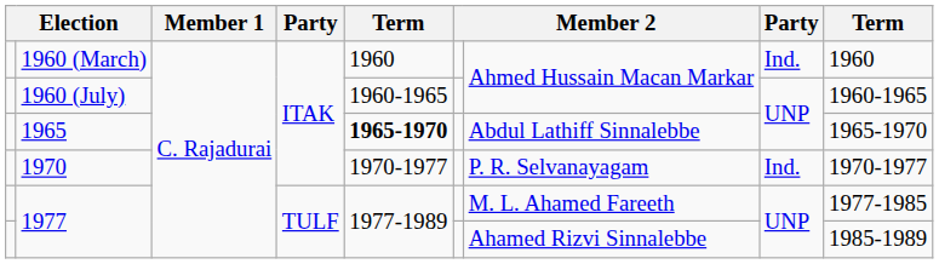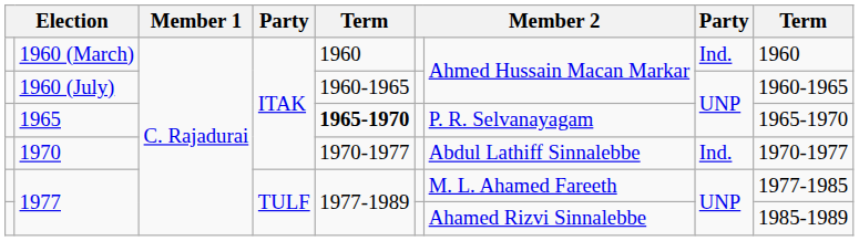 <table class="wikitable">
 <tr>
 <th colspan="2">Election</th>
 <th>Member 1</th>
 <th>Party</th>
 <th>Term</th>
 <th colspan="2">Member 2</th>
 <th>Party</th>
 <th>Term</th>
 </tr>
 <tr>
 <td style="background-color: "></td>
 <td><a href='#'>1960 (March)</a></td>
 <td rowspan=6><a href='#'>C. Rajadurai</a></td>
 <td rowspan=4><a href='#'>ITAK</a></td>
 <td>1960</td>
 <td style="background-color: "></td>
 <td rowspan=2><a href='#'>Ahmed Hussain Macan Markar</a></td>
 <td><a href='#'>Ind.</a></td>
 <td>1960</td>
 </tr>
 <tr>
 <td style="background-color: "></td>
 <td><a href='#'>1960 (July)</a></td>
 <td>1960-1965</td>
 <td style="background-color: "></td>
 <td rowspan=2><a href='#'>UNP</a></td>
 <td>1960-1965</td>
 </tr>
 <tr>
 <td style="background-color: "></td>
 <td><a href='#'>1965</a></td>
 <td><strong>1965-1970</strong></td>
 <td style="background-color: "></td>
-<td><a href='#'>Abdul Lathiff Sinnalebbe</a></td>
+<td><a href='#'>P. R. Selvanayagam</a></td>
 <td>1965-1970</td>
 </tr>
 <tr>
 <td style="background-color: "></td>
 <td><a href='#'>1970</a></td>
 <td>1970-1977</td>
 <td style="background-color: "></td>
-<td><a href='#'>P. R. Selvanayagam</a></td>
+<td><a href='#'>Abdul Lathiff Sinnalebbe</a></td>
 <td><a href='#'>Ind.</a></td>
 <td>1970-1977</td>
 </tr>
 <tr>
 <td style="background-color: "></td>
 <td rowspan=2><a href='#'>1977</a></td>
 <td rowspan=2><a href='#'>TULF</a></td>
 <td rowspan=2>1977-1989</td>
 <td style="background-color: "></td>
 <td><a href='#'>M. L. Ahamed Fareeth</a></td>
 <td rowspan=2><a href='#'>UNP</a></td>
 <td>1977-1985</td>
 </tr>
 <tr>
 <td style="background-color: "></td>
 <td style="background-color: "></td>
 <td><a href='#'>Ahamed Rizvi Sinnalebbe</a></td>
 <td>1985-1989</td>
 </tr>
 </table>
